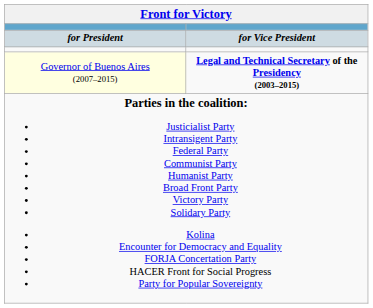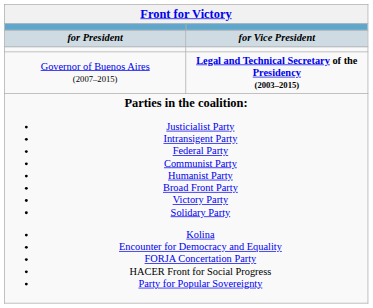 <table class="wikitable" style="font-size:90%; text-align:center;" width=40%>
 <tr>
 <td bgcolor=#f1f1f1 colspan=2><big><strong><a href='#'>Front for Victory</a></strong></big></td>
 </tr>
 <tr>
 <th style="font-size:135%; background:#5fa6cc;" width=50%><a href='#'></a></th>
 <th style="font-size:135%; background:#5fa6cc;" width=50%><a href='#'></a></th>
 </tr>
 <tr style="color:#000; font-size:100%; background:#cedbe2;">
 <td><strong><em>for President</em></strong></td>
 <td><strong><em>for Vice President</em></strong></td>
 </tr>
 <tr>
 <td></td>
 <td></td>
 </tr>
 <tr>
-<td style="background: lightyellow;"><a href='#'>Governor of Buenos Aires</a><br><small>(2007–2015)</small></td>
+<td><a href='#'>Governor of Buenos Aires</a><br><small>(2007–2015)</small></td>
 <td><strong><a href='#'>Legal and Technical Secretary</a> of the <a href='#'>Presidency</a><br><small>(2003–2015)</small></strong></td>
 </tr>
 <tr>
 <td colspan=2 style="text-align:center;"><big><strong>Parties in the coalition:</strong></big><br> <ul><li><a href='#'>Justicialist Party</a></li><li><a href='#'>Intransigent Party</a></li><li><a href='#'>Federal Party</a></li><li><a href='#'>Communist Party</a></li><li><a href='#'>Humanist Party</a></li><li><a href='#'>Broad Front Party</a></li><li><a href='#'>Victory Party</a></li><li><a href='#'>Solidary Party</a></li></ul><ul><li><a href='#'>Kolina</a></li><li><a href='#'>Encounter for Democracy and Equality</a></li><li><a href='#'>FORJA Concertation Party</a></li><li>HACER Front for Social Progress</li><li><a href='#'>Party for Popular Sovereignty</a></li></ul></td>
 </tr>
 </table>
